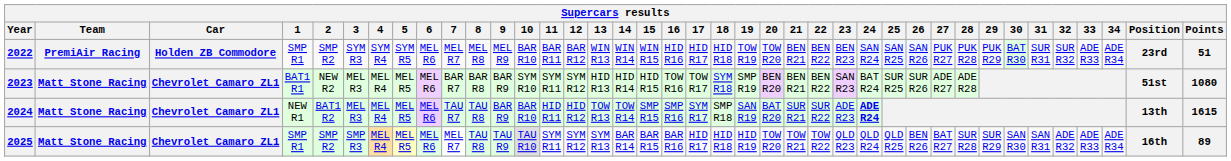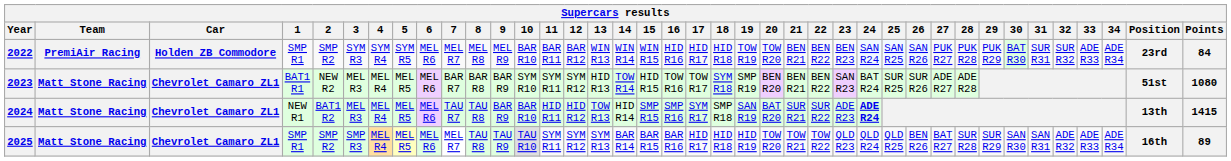 <table class="wikitable" style="text-align:center; font-size:75%">
 <tr>
 <th colspan=45><a href='#'>Supercars</a> results</th>
 </tr>
 <tr>
 <th>Year</th>
 <th>Team</th>
 <th>Car</th>
 <th>1</th>
 <th>2</th>
 <th>3</th>
 <th>4</th>
 <th>5</th>
 <th>6</th>
 <th>7</th>
 <th>8</th>
 <th>9</th>
 <th>10</th>
 <th>11</th>
 <th>12</th>
 <th>13</th>
 <th>14</th>
 <th>15</th>
 <th>16</th>
 <th>17</th>
 <th>18</th>
 <th>19</th>
 <th>20</th>
 <th>21</th>
 <th>22</th>
 <th>23</th>
 <th>24</th>
 <th>25</th>
 <th>26</th>
 <th>27</th>
 <th>28</th>
 <th>29</th>
 <th>30</th>
 <th>31</th>
 <th>32</th>
 <th>33</th>
 <th>34</th>
 <th>Position</th>
 <th>Points</th>
 </tr>
 <tr>
 <th><a href='#'>2022</a></th>
 <th><a href='#'>PremiAir Racing</a></th>
 <th><a href='#'>Holden ZB Commodore</a></th>
 <td><a href='#'>SMP<br>R1</a></td>
 <td><a href='#'>SMP<br>R2</a></td>
 <td><a href='#'>SYM<br>R3</a></td>
 <td><a href='#'>SYM<br>R4</a></td>
 <td><a href='#'>SYM<br>R5</a></td>
 <td><a href='#'>MEL<br>R6</a></td>
 <td><a href='#'>MEL<br>R7</a></td>
 <td><a href='#'>MEL<br>R8</a></td>
 <td><a href='#'>MEL<br>R9</a></td>
 <td><a href='#'>BAR<br>R10</a></td>
 <td><a href='#'>BAR<br>R11</a></td>
 <td><a href='#'>BAR<br>R12</a></td>
 <td><a href='#'>WIN<br>R13</a></td>
 <td><a href='#'>WIN<br>R14</a></td>
 <td><a href='#'>WIN<br>R15</a></td>
 <td><a href='#'>HID<br>R16</a></td>
 <td><a href='#'>HID<br>R17</a></td>
 <td><a href='#'>HID<br>R18</a></td>
 <td><a href='#'>TOW<br>R19</a></td>
 <td><a href='#'>TOW<br>R20</a></td>
 <td><a href='#'>BEN<br>R21</a></td>
 <td><a href='#'>BEN<br>R22</a></td>
 <td><a href='#'>BEN<br>R23</a></td>
 <td style=background:#f1f8ff><a href='#'>SAN<br>R24</a><br></td>
 <td style=background:#f1f8ff><a href='#'>SAN<br>R25</a><br></td>
 <td style=background:#f1f8ff><a href='#'>SAN<br>R26</a><br></td>
 <td><a href='#'>PUK<br>R27</a></td>
 <td><a href='#'>PUK<br>R28</a></td>
 <td><a href='#'>PUK<br>R29</a></td>
 <td style="background:#dfffdf"><a href='#'>BAT<br>R30</a><br></td>
 <td><a href='#'>SUR<br>R31</a></td>
 <td><a href='#'>SUR<br>R32</a></td>
 <td><a href='#'>ADE<br>R33</a></td>
 <td><a href='#'>ADE<br>R34</a></td>
 <th>23rd</th>
-<th>51</th>
+<th>84</th>
 </tr>
 <tr>
 <th><a href='#'>2023</a></th>
 <th nowrap><a href='#'>Matt Stone Racing</a></th>
 <th nowrap><a href='#'>Chevrolet Camaro ZL1</a></th>
 <td style=background:#dfffdf><a href='#'>BAT1<br>R1</a><br></td>
 <td style="background:#dfffdf">NEW<br>R2<br></td>
 <td style="background:#dfffdf">MEL<br>R3<br></td>
 <td style="background:#dfffdf">MEL<br>R4<br></td>
 <td style="background:#dfffdf">MEL<br>R5<br></td>
 <td style="background:#efcfff">MEL<br>R6<br></td>
 <td style="background:#dfffdf">BAR<br>R7<br></td>
 <td style="background:#dfffdf">BAR<br>R8<br></td>
 <td style="background:#dfffdf">BAR<br>R9<br></td>
 <td style="background:#dfffdf">SYM<br>R10<br></td>
 <td style="background:#dfffdf">SYM<br>R11<br></td>
 <td style="background:#dfffdf">SYM<br>R12<br></td>
 <td style="background:#dfffdf">HID<br>R13<br></td>
-<td style="background:#dfffdf">HID<br>R14<br></td>
+<td style=background:#dfffdf><a href='#'>TOW<br>R14</a><br></td>
 <td style="background:#dfffdf">HID<br>R15<br></td>
 <td style="background:#dfffdf">TOW<br>R16<br></td>
 <td style="background:#dfffdf">TOW<br>R17<br></td>
 <td style=background:#dfffdf><a href='#'>SYM<br>R18</a><br></td>
 <td style="background:#dfffdf">SMP<br>R19<br></td>
 <td style="background:#efcfff">BEN<br>R20<br></td>
 <td style="background:#dfffdf">BEN<br>R21<br></td>
 <td style="background:#dfffdf">BEN<br>R22<br></td>
 <td style="background:#efcfff">SAN<br>R23<br></td>
 <td style="background:#dfffdf">BAT<br>R24<br></td>
 <td style="background:#dfffdf">SUR<br>R25<br></td>
 <td style="background:#dfffdf">SUR<br>R26<br></td>
 <td style="background:#dfffdf">ADE<br>R27<br></td>
 <td style="background:#dfffdf">ADE<br>R28<br></td>
 <th colspan=6></th>
 <th>51st</th>
 <th>1080</th>
 </tr>
 <tr>
 <th><a href='#'>2024</a></th>
 <th nowrap><a href='#'>Matt Stone Racing</a></th>
 <th nowrap><a href='#'>Chevrolet Camaro ZL1</a></th>
 <td style="background:#dfffdf">NEW<br>R1<br></td>
 <td style=background:#dfffdf><a href='#'>BAT1<br>R2</a><br></td>
 <td style=background:#dfffdf><a href='#'>MEL<br>R3</a><br></td>
 <td style=background:#dfffdf><a href='#'>MEL<br>R4</a><br></td>
 <td style=background:#dfffdf><a href='#'>MEL<br>R5</a><br></td>
 <td style=background:#efcfff><a href='#'>MEL<br>R6</a><br></td>
 <td style=background:#dfffdf><a href='#'>TAU<br>R7</a><br></td>
 <td style=background:#dfffdf><a href='#'>TAU<br>R8</a><br></td>
 <td style=background:#dfffdf><a href='#'>BAR<br>R9</a><br></td>
 <td style=background:#dfffdf><a href='#'>BAR<br>R10</a><br></td>
 <td style=background:#dfffdf><a href='#'>HID<br>R11</a><br></td>
 <td style=background:#dfffdf><a href='#'>HID<br>R12</a><br></td>
 <td style=background:#dfffdf><a href='#'>TOW<br>R13</a><br></td>
-<td style=background:#dfffdf><a href='#'>TOW<br>R14</a><br></td>
+<td style="background:#dfffdf">HID<br>R14<br></td>
 <td style=background:#dfffdf><a href='#'>SMP<br>R15</a><br></td>
 <td style=background:#dfffdf><a href='#'>SMP<br>R16</a><br></td>
 <td style=background:#dfffdf><a href='#'>SYM<br>R17</a><br></td>
 <td style="background:#dfffdf">SMP<br>R18<br></td>
 <td style=background:#dfffdf><a href='#'>SAN<br>R19</a><br></td>
 <td style=background:#dfffdf><a href='#'>BAT<br>R20</a><br></td>
 <td style=background:#dfffdf><a href='#'>SUR<br>R21</a><br></td>
 <td style=background:#dfffdf><a href='#'>SUR<br>R22</a><br></td>
 <td style=background:#dfffdf><a href='#'>ADE<br>R23</a><br></td>
 <td style=background:#dfffdf><strong><a href='#'>ADE<br>R24</a><br></strong></td>
 <th colspan=10></th>
 <th>13th</th>
-<th>1615</th>
+<th>1415</th>
 </tr>
 <tr>
 <th><a href='#'>2025</a></th>
 <th nowrap><a href='#'>Matt Stone Racing</a></th>
 <th nowrap><a href='#'>Chevrolet Camaro ZL1</a></th>
 <td style=background:#dfffdf><a href='#'>SMP<br>R1</a><br></td>
 <td style=background:#dfffdf><a href='#'>SMP<br>R2</a><br></td>
 <td style=background:#dfffdf><a href='#'>SMP<br>R3</a><br></td>
 <td style=background:#ffdf9f><a href='#'>MEL<br>R4</a><br></td>
 <td style=background:#ffffbf><a href='#'>MEL<br>R5</a><br></td>
 <td style=background:#dfffdf><a href='#'>MEL<br>R6</a><br></td>
 <td style=background:#ffffff><a href='#'>MEL<br>R7</a><br></td>
 <td style=background:#dfffdf><a href='#'>TAU<br>R8</a><br></td>
 <td style=background:#dfffdf><a href='#'>TAU<br>R9</a><br></td>
 <td style=background:#dfdfdf><a href='#'>TAU<br>R10</a><br></td>
 <td style=background:#><a href='#'>SYM<br>R11</a><br></td>
 <td style=background:#><a href='#'>SYM<br>R12</a><br></td>
 <td style=background:#><a href='#'>SYM<br>R13</a><br></td>
 <td style=background:#><a href='#'>BAR<br>R14</a><br></td>
 <td style=background:#><a href='#'>BAR<br>R15</a><br></td>
 <td style=background:#><a href='#'>BAR<br>R16</a><br></td>
 <td style=background:#><a href='#'>HID<br>R17</a><br></td>
 <td style=background:#><a href='#'>HID<br>R18</a><br></td>
 <td style=background:#><a href='#'>HID<br>R19</a><br></td>
 <td style=background:#><a href='#'>TOW<br>R20</a><br></td>
 <td style=background:#><a href='#'>TOW<br>R21</a><br></td>
 <td style=background:#><a href='#'>TOW<br>R22</a><br></td>
 <td style=background:#><a href='#'>QLD<br>R23</a><br></td>
 <td style=background:#><a href='#'>QLD<br>R24</a><br></td>
 <td style=background:#><a href='#'>QLD<br>R25</a><br></td>
 <td style=background:#><a href='#'>BEN<br>R26</a><br></td>
 <td style=background:#><a href='#'>BAT<br>R27</a><br></td>
 <td style=background:#><a href='#'>SUR<br>R28</a><br></td>
 <td style=background:#><a href='#'>SUR<br>R29</a><br></td>
 <td style=background:#><a href='#'>SAN<br>R30</a><br></td>
 <td style=background:#><a href='#'>SAN<br>R31</a><br></td>
 <td style=background:#><a href='#'>ADE<br>R32</a><br></td>
 <td style=background:#><a href='#'>ADE<br>R33</a><br></td>
 <td style=background:#><a href='#'>ADE<br>R34</a><br></td>
 <th>16th</th>
 <th>89</th>
 </tr>
 </table>
